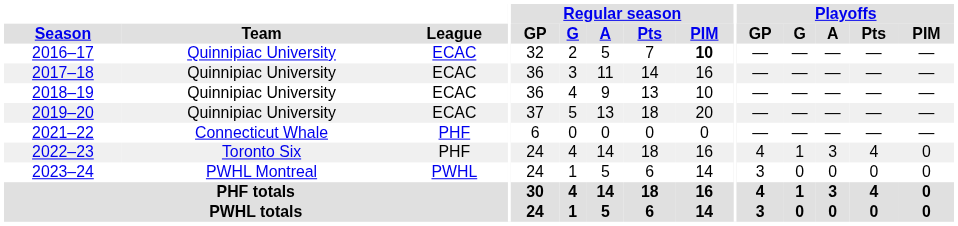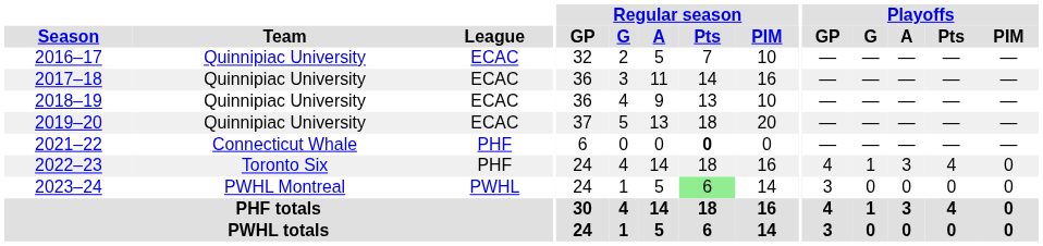 <table border="0" cellpadding="1" cellspacing="0" style="text-align:center; width:60em">
 <tr bgcolor="#e0e0e0">
 <th colspan="3" bgcolor="#ffffff"></th>
 <th rowspan="97" bgcolor="#ffffff"></th>
 <th colspan="5"><a href='#'>Regular season</a></th>
 <th rowspan="97" bgcolor="#ffffff"></th>
 <th colspan="5"><a href='#'>Playoffs</a></th>
 </tr>
 <tr bgcolor="#e0e0e0">
 <th><a href='#'>Season</a></th>
 <th>Team</th>
 <th>League</th>
 <th>GP</th>
 <th><a href='#'>G</a></th>
 <th><a href='#'>A</a></th>
 <th><a href='#'>Pts</a></th>
 <th><a href='#'>PIM</a></th>
 <th>GP</th>
 <th>G</th>
 <th>A</th>
 <th>Pts</th>
 <th>PIM</th>
 </tr>
 <tr>
 <td><a href='#'>2016–17</a></td>
 <td><a href='#'>Quinnipiac University</a></td>
 <td><a href='#'>ECAC</a></td>
 <td>32</td>
 <td>2</td>
 <td>5</td>
 <td>7</td>
-<td><strong>10</strong></td>
+<td>10</td>
 <td>—</td>
 <td>—</td>
 <td>—</td>
 <td>—</td>
 <td>—</td>
 </tr>
 <tr bgcolor="#f0f0f0">
 <td><a href='#'>2017–18</a></td>
 <td>Quinnipiac University</td>
 <td>ECAC</td>
 <td>36</td>
 <td>3</td>
 <td>11</td>
 <td>14</td>
 <td>16</td>
 <td>—</td>
 <td>—</td>
 <td>—</td>
 <td>—</td>
 <td>—</td>
 </tr>
 <tr>
 <td><a href='#'>2018–19</a></td>
 <td>Quinnipiac University</td>
 <td>ECAC</td>
 <td>36</td>
 <td>4</td>
 <td>9</td>
 <td>13</td>
 <td>10</td>
 <td>—</td>
 <td>—</td>
 <td>—</td>
 <td>—</td>
 <td>—</td>
 </tr>
 <tr bgcolor="#f0f0f0">
 <td><a href='#'>2019–20</a></td>
 <td>Quinnipiac University</td>
 <td>ECAC</td>
 <td>37</td>
 <td>5</td>
 <td>13</td>
 <td>18</td>
 <td>20</td>
 <td>—</td>
 <td>—</td>
 <td>—</td>
 <td>—</td>
 <td>—</td>
 </tr>
 <tr>
 <td><a href='#'>2021–22</a></td>
 <td><a href='#'>Connecticut Whale</a></td>
 <td><a href='#'>PHF</a></td>
 <td>6</td>
 <td>0</td>
 <td>0</td>
-<td>0</td>
+<td><strong>0</strong></td>
 <td>0</td>
 <td>—</td>
 <td>—</td>
 <td>—</td>
 <td>—</td>
 <td>—</td>
 </tr>
 <tr bgcolor="#f0f0f0">
 <td><a href='#'>2022–23</a></td>
 <td><a href='#'>Toronto Six</a></td>
 <td>PHF</td>
 <td>24</td>
 <td>4</td>
 <td>14</td>
 <td>18</td>
 <td>16</td>
 <td>4</td>
 <td>1</td>
 <td>3</td>
 <td>4</td>
 <td>0</td>
 </tr>
 <tr>
 <td><a href='#'>2023–24</a></td>
 <td><a href='#'>PWHL Montreal</a></td>
 <td><a href='#'>PWHL</a></td>
 <td>24</td>
 <td>1</td>
 <td>5</td>
-<td>6</td>
+<td style="background: lightgreen;">6</td>
 <td>14</td>
 <td>3</td>
 <td>0</td>
 <td>0</td>
 <td>0</td>
 <td>0</td>
 </tr>
 <tr bgcolor="#e0e0e0">
 <th colspan="3">PHF totals</th>
 <th>30</th>
 <th>4</th>
 <th>14</th>
 <th>18</th>
 <th>16</th>
 <th>4</th>
 <th>1</th>
 <th>3</th>
 <th>4</th>
 <th>0</th>
 </tr>
 <tr bgcolor="#e0e0e0">
 <th colspan="3">PWHL totals</th>
 <th>24</th>
 <th>1</th>
 <th>5</th>
 <th>6</th>
 <th>14</th>
 <th>3</th>
 <th>0</th>
 <th>0</th>
 <th>0</th>
 <th>0</th>
 </tr>
 </table>
